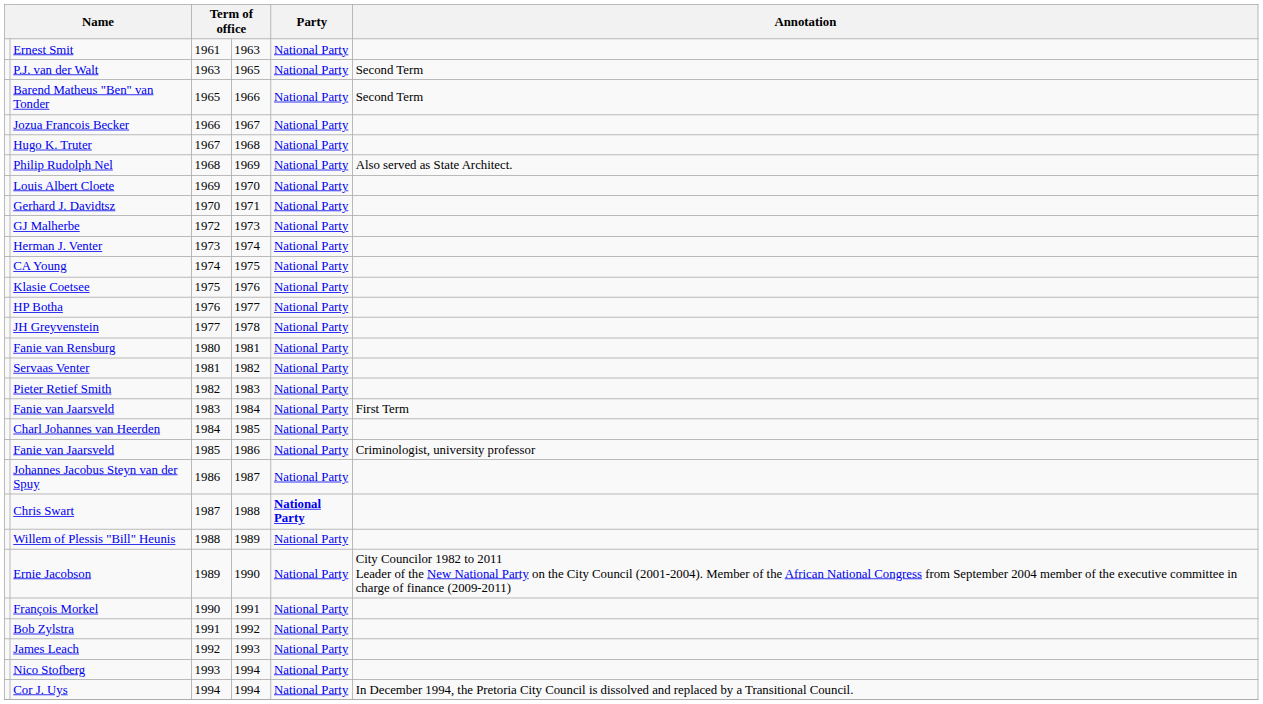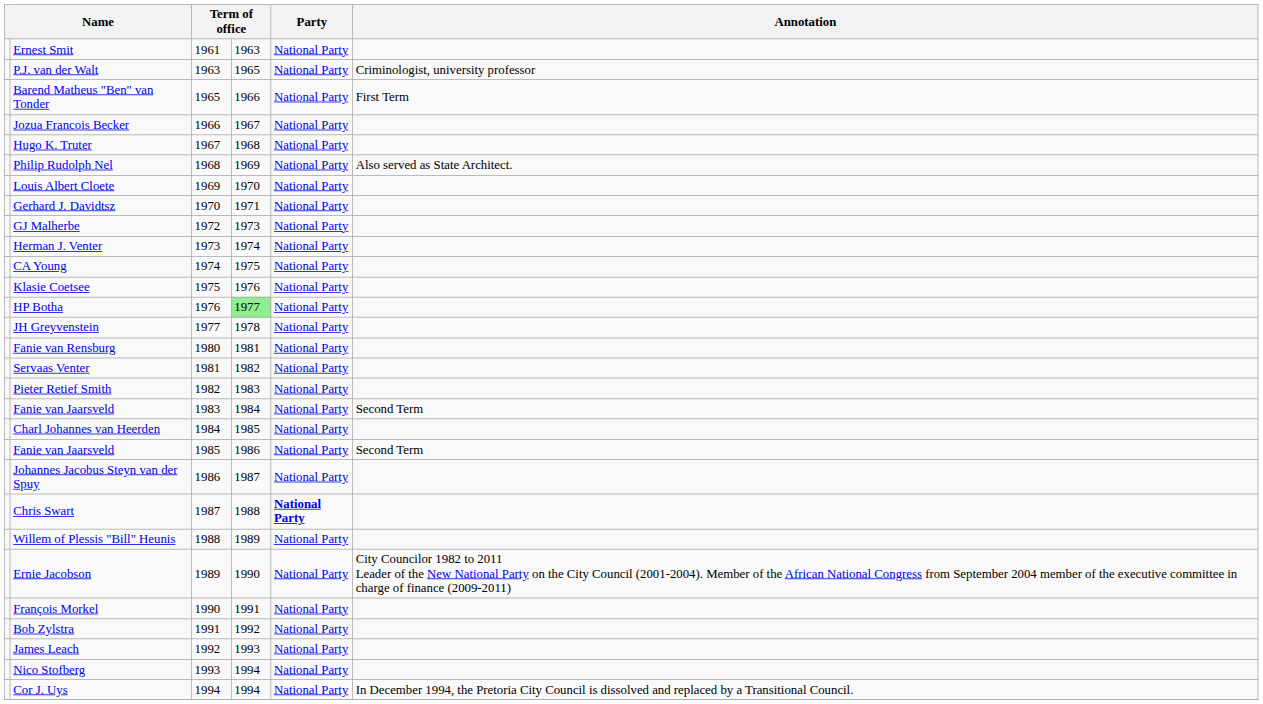 <table class="wikitable">
 <tr>
 <th colspan=2>Name</th>
 <th colspan=2>Term of office</th>
 <th colspan=1>Party</th>
 <th colspan=1>Annotation</th>
 </tr>
 <tr>
 <td style="background-color: "></td>
 <td><a href='#'>Ernest Smit</a></td>
 <td>1961</td>
 <td>1963</td>
 <td><a href='#'>National Party</a></td>
 <td></td>
 </tr>
 <tr>
 <td style="background-color: "></td>
 <td><a href='#'>P.J. van der Walt</a></td>
 <td>1963</td>
 <td>1965</td>
 <td><a href='#'>National Party</a></td>
-<td>Second Term</td>
+<td>Criminologist, university professor</td>
 </tr>
 <tr>
 <td style="background-color: "></td>
 <td><a href='#'>Barend Matheus "Ben" van Tonder</a></td>
 <td>1965</td>
 <td>1966</td>
 <td><a href='#'>National Party</a></td>
-<td>Second Term</td>
+<td>First Term</td>
 </tr>
 <tr>
 <td style="background-color: "></td>
 <td><a href='#'>Jozua Francois Becker</a></td>
 <td>1966</td>
 <td>1967</td>
 <td><a href='#'>National Party</a></td>
 <td></td>
 </tr>
 <tr>
 <td style="background-color: "></td>
 <td><a href='#'>Hugo K. Truter</a></td>
 <td>1967</td>
 <td>1968</td>
 <td><a href='#'>National Party</a></td>
 <td></td>
 </tr>
 <tr>
 <td style="background-color: "></td>
 <td><a href='#'>Philip Rudolph Nel</a></td>
 <td>1968</td>
 <td>1969</td>
 <td><a href='#'>National Party</a></td>
 <td>Also served as State Architect.</td>
 </tr>
 <tr>
 <td style="background-color: "></td>
 <td><a href='#'>Louis Albert Cloete</a></td>
 <td>1969</td>
 <td>1970</td>
 <td><a href='#'>National Party</a></td>
 <td></td>
 </tr>
 <tr>
 <td style="background-color: "></td>
 <td><a href='#'>Gerhard J. Davidtsz</a></td>
 <td>1970</td>
 <td>1971</td>
 <td><a href='#'>National Party</a></td>
 <td></td>
 </tr>
 <tr>
 <td style="background-color: "></td>
 <td><a href='#'>GJ Malherbe</a></td>
 <td>1972</td>
 <td>1973</td>
 <td><a href='#'>National Party</a></td>
 <td></td>
 </tr>
 <tr>
 <td style="background-color: "></td>
 <td><a href='#'>Herman J. Venter</a></td>
 <td>1973</td>
 <td>1974</td>
 <td><a href='#'>National Party</a></td>
 <td></td>
 </tr>
 <tr>
 <td style="background-color: "></td>
 <td><a href='#'>CA Young</a></td>
 <td>1974</td>
 <td>1975</td>
 <td><a href='#'>National Party</a></td>
 <td></td>
 </tr>
 <tr>
 <td style="background-color: "></td>
 <td><a href='#'>Klasie Coetsee</a></td>
 <td>1975</td>
 <td>1976</td>
 <td><a href='#'>National Party</a></td>
 <td></td>
 </tr>
 <tr>
 <td style="background-color: "></td>
 <td><a href='#'>HP Botha</a></td>
 <td>1976</td>
-<td>1977</td>
+<td style="background: lightgreen;">1977</td>
 <td><a href='#'>National Party</a></td>
 <td></td>
 </tr>
 <tr>
 <td style="background-color: "></td>
 <td><a href='#'>JH Greyvenstein</a></td>
 <td>1977</td>
 <td>1978</td>
 <td><a href='#'>National Party</a></td>
 <td></td>
 </tr>
 <tr>
 <td style="background-color: "></td>
 <td><a href='#'>Fanie van Rensburg</a></td>
 <td>1980</td>
 <td>1981</td>
 <td><a href='#'>National Party</a></td>
 <td></td>
 </tr>
 <tr>
 <td style="background-color: "></td>
 <td><a href='#'>Servaas Venter</a></td>
 <td>1981</td>
 <td>1982</td>
 <td><a href='#'>National Party</a></td>
 <td></td>
 </tr>
 <tr>
 <td style="background-color: "></td>
 <td><a href='#'>Pieter Retief Smith</a></td>
 <td>1982</td>
 <td>1983</td>
 <td><a href='#'>National Party</a></td>
 <td></td>
 </tr>
 <tr>
 <td style="background-color: "></td>
 <td><a href='#'>Fanie van Jaarsveld</a></td>
 <td>1983</td>
 <td>1984</td>
 <td><a href='#'>National Party</a></td>
-<td>First Term</td>
+<td>Second Term</td>
 </tr>
 <tr>
 <td style="background-color: "></td>
 <td><a href='#'>Charl Johannes van Heerden</a></td>
 <td>1984</td>
 <td>1985</td>
 <td><a href='#'>National Party</a></td>
 <td></td>
 </tr>
 <tr>
 <td style="background-color: "></td>
 <td><a href='#'>Fanie van Jaarsveld</a></td>
 <td>1985</td>
 <td>1986</td>
 <td><a href='#'>National Party</a></td>
-<td>Criminologist, university professor</td>
+<td>Second Term</td>
 </tr>
 <tr>
 <td style="background-color: "></td>
 <td><a href='#'>Johannes Jacobus Steyn van der Spuy</a></td>
 <td>1986</td>
 <td>1987</td>
 <td><a href='#'>National Party</a></td>
 <td></td>
 </tr>
 <tr>
 <td style="background-color: "></td>
 <td><a href='#'>Chris Swart</a></td>
 <td>1987</td>
 <td>1988</td>
 <td><strong><a href='#'>National Party</a></strong></td>
 <td></td>
 </tr>
 <tr>
 <td style="background-color: "></td>
 <td><a href='#'>Willem of Plessis "Bill" Heunis</a></td>
 <td>1988</td>
 <td>1989</td>
 <td><a href='#'>National Party</a></td>
 <td></td>
 </tr>
 <tr>
 <td style="background-color: "></td>
 <td><a href='#'>Ernie Jacobson</a></td>
 <td>1989</td>
 <td>1990</td>
 <td><a href='#'>National Party</a></td>
 <td>City Councilor 1982 to 2011<br>Leader of the <a href='#'>New National Party</a> on the City Council (2001-2004).  Member of the <a href='#'>African National Congress</a> from September 2004  member of the executive committee in charge of finance (2009-2011)</td>
 </tr>
 <tr>
 <td style="background-color: "></td>
 <td><a href='#'>François Morkel</a></td>
 <td>1990</td>
 <td>1991</td>
 <td><a href='#'>National Party</a></td>
 <td></td>
 </tr>
 <tr>
 <td style="background-color: "></td>
 <td><a href='#'>Bob Zylstra</a></td>
 <td>1991</td>
 <td>1992</td>
 <td><a href='#'>National Party</a></td>
 <td></td>
 </tr>
 <tr>
 <td style="background-color: "></td>
 <td><a href='#'>James Leach</a></td>
 <td>1992</td>
 <td>1993</td>
 <td><a href='#'>National Party</a></td>
 <td></td>
 </tr>
 <tr>
 <td style="background-color: "></td>
 <td><a href='#'>Nico Stofberg</a></td>
 <td>1993</td>
 <td>1994</td>
 <td><a href='#'>National Party</a></td>
 <td></td>
 </tr>
 <tr>
 <td style="background-color: "></td>
 <td><a href='#'>Cor J. Uys</a></td>
 <td>1994</td>
 <td>1994</td>
 <td><a href='#'>National Party</a></td>
 <td>In December 1994, the Pretoria City Council is dissolved and replaced by a Transitional Council.</td>
 </tr>
 <tr>
 </tr>
 </table>
